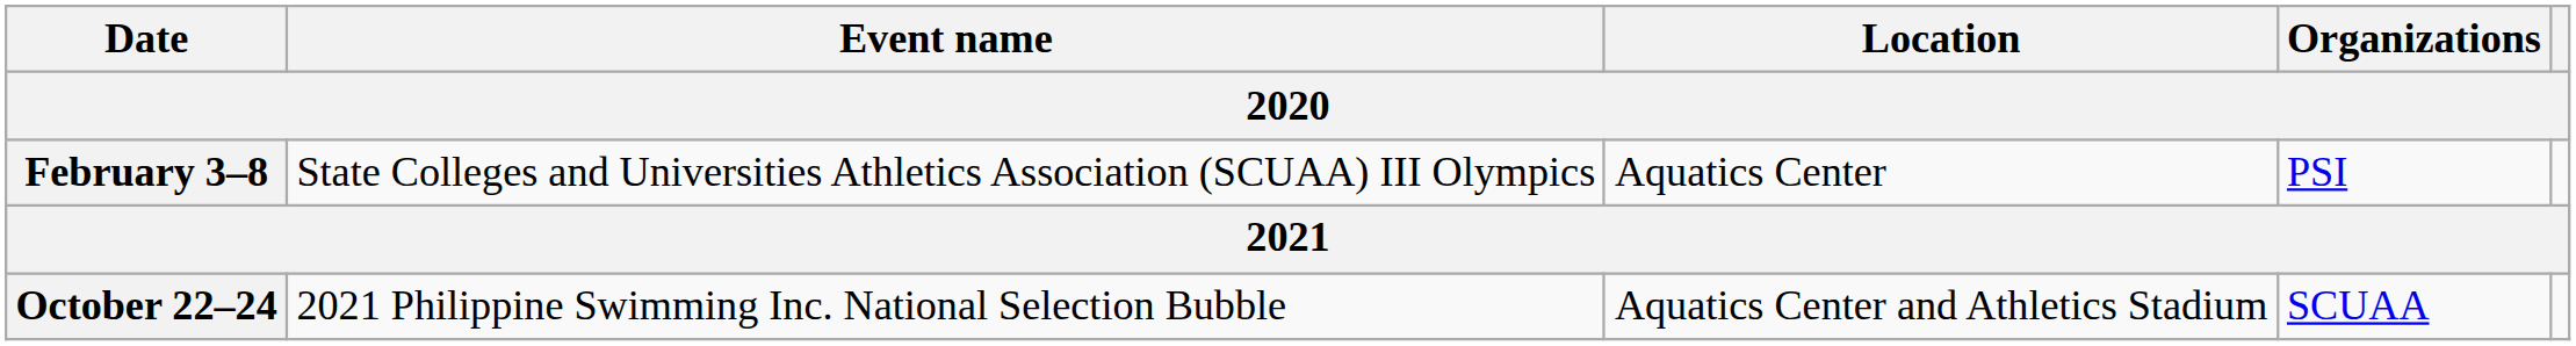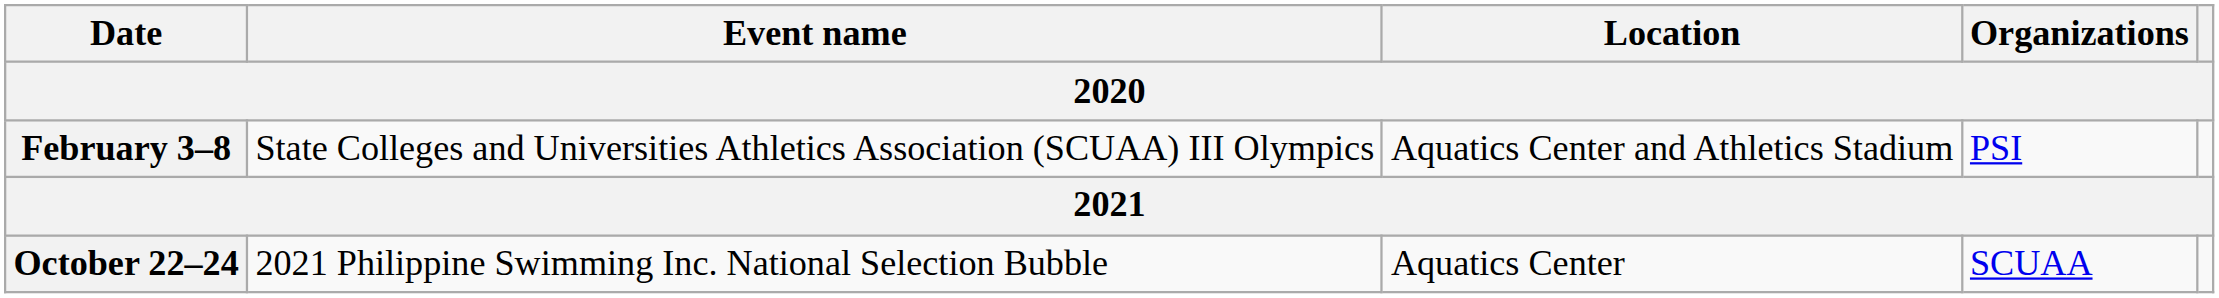 <table class="wikitable">
 <tr>
 <th>Date</th>
 <th>Event name</th>
 <th>Location</th>
 <th>Organizations</th>
 <th></th>
 </tr>
 <tr style="background:#ddd;">
 <th colspan="5"><strong>2020</strong></th>
 </tr>
 <tr>
 <th scope="row">February 3–8</th>
 <td>State Colleges and Universities Athletics Association (SCUAA) III Olympics</td>
-<td>Aquatics Center</td>
+<td>Aquatics Center and Athletics Stadium</td>
 <td><a href='#'>PSI</a></td>
 <td></td>
 </tr>
 <tr style="background:#ddd;">
 <th colspan="5"><strong>2021</strong></th>
 </tr>
 <tr>
 <th scope="row">October 22–24</th>
 <td>2021 Philippine Swimming Inc. National Selection Bubble</td>
-<td>Aquatics Center and Athletics Stadium</td>
+<td>Aquatics Center</td>
 <td><a href='#'>SCUAA</a></td>
 <td></td>
 </tr>
 </table>
